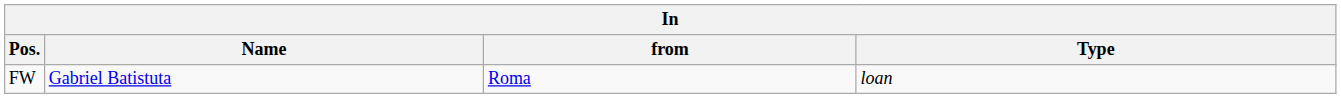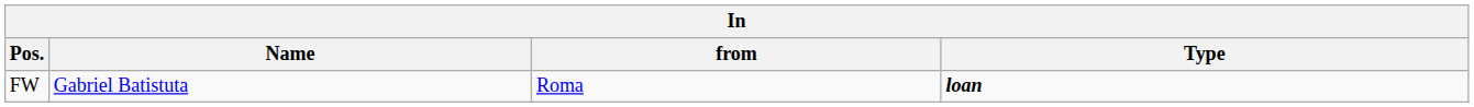 <table class="wikitable" style="font-size:90%;">
 <tr>
 <th colspan="4">In</th>
 </tr>
 <tr>
 <th width=3%>Pos.</th>
 <th width=33%>Name</th>
 <th width=28%>from</th>
 <th width=36%>Type</th>
 </tr>
 <tr>
 <td>FW</td>
 <td><a href='#'>Gabriel Batistuta</a></td>
 <td><a href='#'>Roma</a></td>
-<td><em>loan</em></td>
+<td><strong><em>loan</em></strong></td>
 </tr>
 </table>
